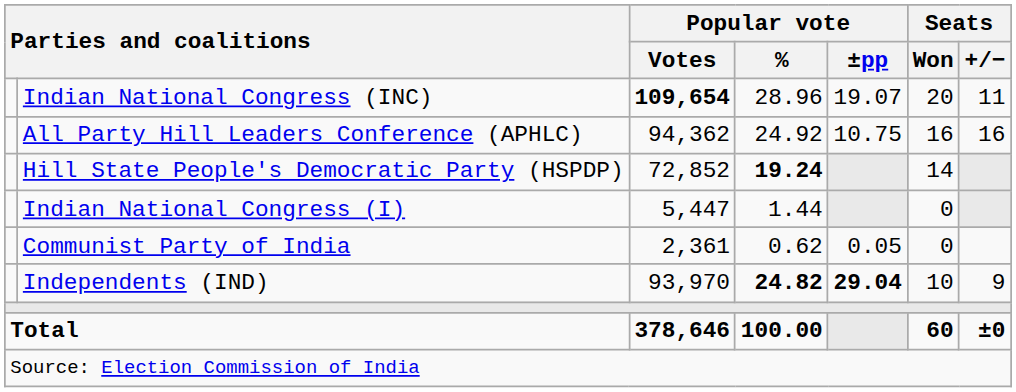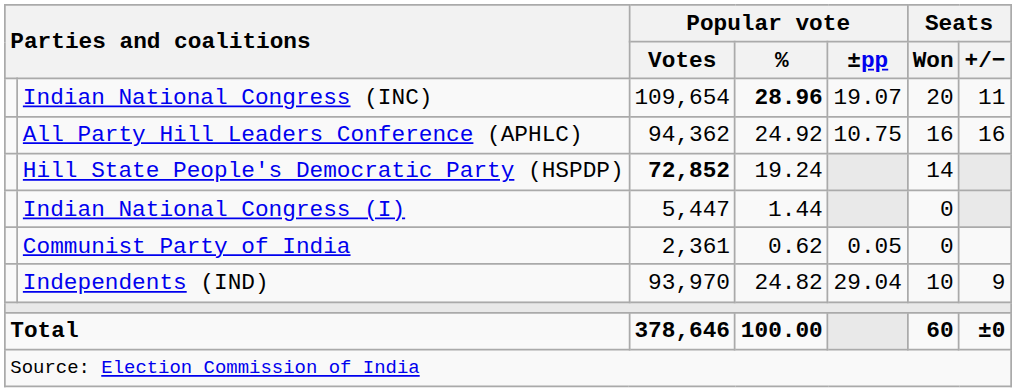 <table class=wikitable style=text-align:right>
 <tr>
 <th style="text-align:left;" rowspan="2" colspan="2">Parties and coalitions</th>
 <th colspan="3">Popular vote</th>
 <th colspan="2">Seats</th>
 </tr>
 <tr>
 <th>Votes</th>
 <th>%</th>
 <th>±<a href='#'>pp</a></th>
 <th>Won</th>
 <th>+/−</th>
 </tr>
 <tr>
 <td width="1" style="color:inherit;background:"></td>
 <td align="left"><a href='#'>Indian National Congress</a> (INC)</td>
-<td><strong>109,654</strong></td>
-<td>28.96</td>
+<td>109,654</td>
+<td><strong>28.96</strong></td>
 <td>19.07 </td>
 <td>20</td>
 <td>11 </td>
 </tr>
 <tr>
 <td width="1" style="color:inherit;background:"></td>
 <td align="left"><a href='#'>All Party Hill Leaders Conference</a> (APHLC)</td>
 <td>94,362</td>
 <td>24.92</td>
 <td>10.75 </td>
 <td>16</td>
 <td>16 </td>
 </tr>
 <tr>
 <td width="1" style="color:inherit;background:"></td>
 <td align="left"><a href='#'>Hill State People's Democratic Party</a> (HSPDP)</td>
-<td>72,852</td>
-<td><strong>19.24</strong></td>
+<td><strong>72,852</strong></td>
+<td>19.24</td>
 <td style="color:inherit;background:#E9E9E9"></td>
 <td>14</td>
 <td style="color:inherit;background:#E9E9E9"></td>
 </tr>
 <tr>
 <td width="1" style="color:inherit;background:"></td>
 <td align="left"><a href='#'>Indian National Congress (I)</a></td>
 <td>5,447</td>
 <td>1.44</td>
 <td style="color:inherit;background:#E9E9E9"></td>
 <td>0</td>
 <td style="color:inherit;background:#E9E9E9"></td>
 </tr>
 <tr>
 <td></td>
 <td align="left"><a href='#'>Communist Party of India</a></td>
 <td>2,361</td>
 <td>0.62</td>
 <td>0.05 </td>
 <td>0</td>
 <td></td>
 </tr>
 <tr>
 <td></td>
 <td align="left"><a href='#'>Independents</a> (IND)</td>
 <td>93,970</td>
-<td><strong>24.82</strong></td>
-<td><strong>29.04 </strong></td>
+<td>24.82</td>
+<td>29.04 </td>
 <td>10</td>
 <td>9 </td>
 </tr>
 <tr>
 <td colspan="7" bgcolor="#E9E9E9"></td>
 </tr>
 <tr style="font-weight:bold;">
 <td align="left" colspan="2">Total</td>
 <td>378,646</td>
 <td>100.00</td>
 <td bgcolor="#E9E9E9"></td>
 <td>60</td>
 <td>±0</td>
 </tr>
 <tr>
 <td style="text-align:left;" colspan="7"><small>Source: <a href='#'>Election Commission of India</a></small></td>
 </tr>
 </table>
